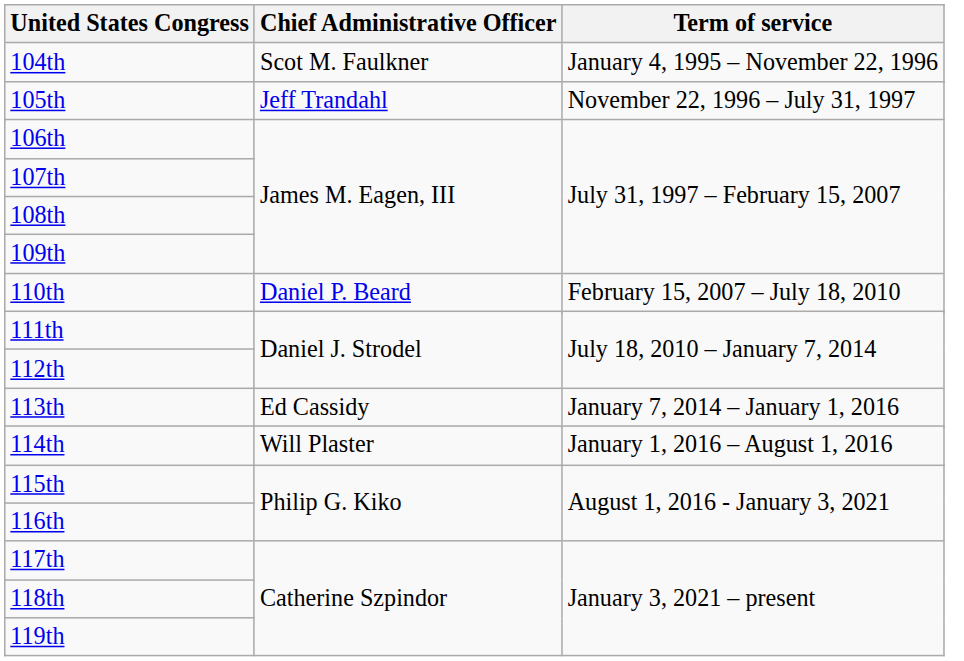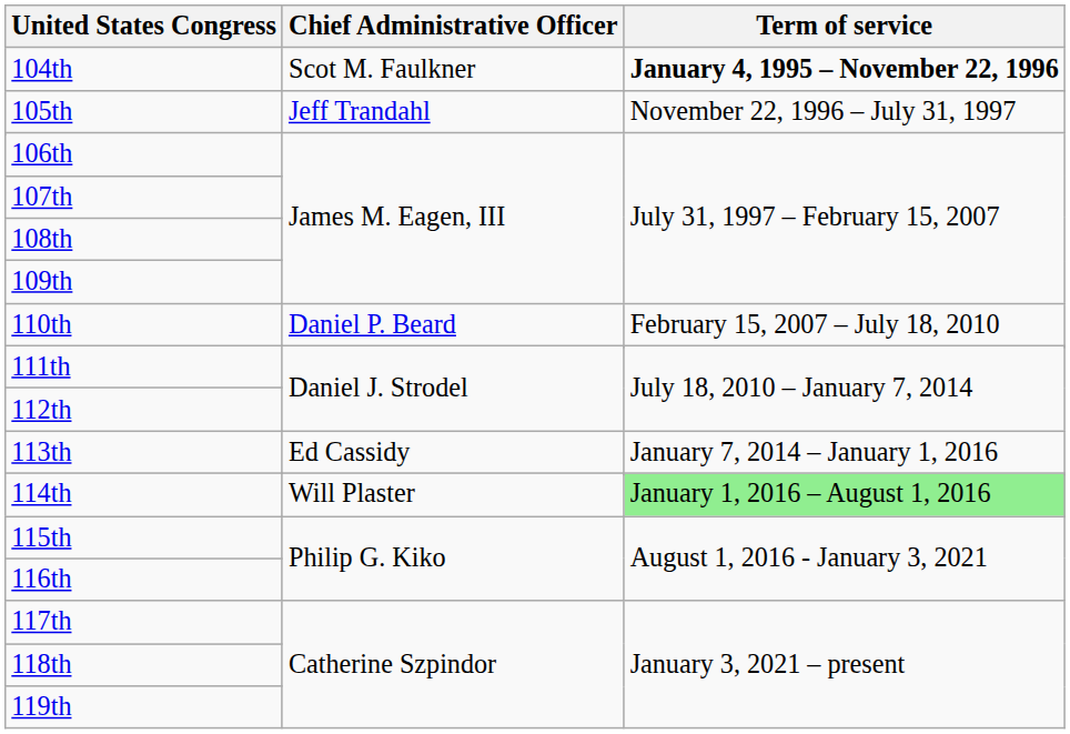 <table class=wikitable>
 <tr>
 <th>United States Congress</th>
 <th>Chief Administrative Officer</th>
 <th>Term of service</th>
 </tr>
 <tr>
 <td rowspan=2><a href='#'>104th</a></td>
 <td>Scot M. Faulkner</td>
-<td>January 4, 1995 – November 22, 1996</td>
+<td><strong>January 4, 1995 – November 22, 1996</strong></td>
 </tr>
 <tr>
 <td rowspan=2><a href='#'>Jeff Trandahl</a></td>
 <td rowspan=2>November 22, 1996 – July 31, 1997</td>
 </tr>
 <tr>
 <td rowspan=2><a href='#'>105th</a></td>
 </tr>
 <tr>
 <td rowspan=6>James M. Eagen, III</td>
 <td rowspan=6>July 31, 1997 – February 15, 2007</td>
 </tr>
 <tr>
 <td><a href='#'>106th</a></td>
 </tr>
 <tr>
 <td><a href='#'>107th</a></td>
 </tr>
 <tr>
 <td><a href='#'>108th</a></td>
 </tr>
 <tr>
 <td><a href='#'>109th</a></td>
 </tr>
 <tr>
 <td rowspan=2><a href='#'>110th</a></td>
 </tr>
 <tr>
 <td rowspan=2><a href='#'>Daniel P. Beard</a></td>
 <td rowspan=2>February 15, 2007 – July 18, 2010</td>
 </tr>
 <tr>
 <td rowspan=2><a href='#'>111th</a></td>
 </tr>
 <tr>
 <td rowspan=3>Daniel J. Strodel</td>
 <td rowspan=3>July 18, 2010 – January 7, 2014</td>
 </tr>
 <tr>
 <td><a href='#'>112th</a></td>
 </tr>
 <tr>
 <td rowspan=2><a href='#'>113th</a></td>
 </tr>
 <tr>
 <td rowspan="2">Ed Cassidy</td>
 <td rowspan="2" rowpsan="3">January 7, 2014 – January 1, 2016</td>
 </tr>
 <tr>
 <td rowspan=3><a href='#'>114th</a></td>
 </tr>
 <tr>
 <td>Will Plaster</td>
-<td>January 1, 2016 – August 1, 2016</td>
+<td style="background: lightgreen;">January 1, 2016 – August 1, 2016</td>
 </tr>
 <tr>
 <td rowspan=3>Philip G. Kiko</td>
 <td rowspan=3>August 1, 2016 - January 3, 2021</td>
 </tr>
 <tr>
 <td><a href='#'>115th</a></td>
 </tr>
 <tr>
 <td><a href='#'>116th</a></td>
 </tr>
 <tr>
 <td><a href='#'>117th</a></td>
 <td rowspan="3">Catherine Szpindor</td>
 <td rowspan="3">January 3, 2021 – present</td>
 </tr>
 <tr>
 <td><a href='#'>118th</a></td>
 </tr>
 <tr>
 <td><a href='#'>119th</a></td>
 </tr>
 </table>
